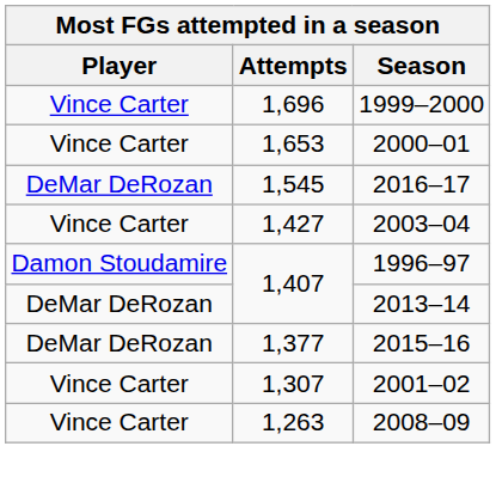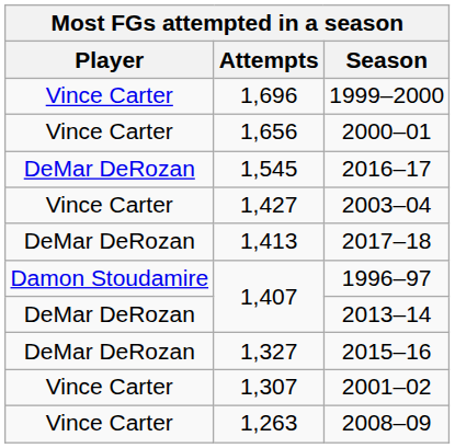 <table class="wikitable" style="text-align:center">
 <tr>
 <th colspan="3">Most FGs attempted in a season</th>
 </tr>
 <tr>
 <th>Player</th>
 <th>Attempts</th>
 <th>Season</th>
 </tr>
 <tr>
 <td><a href='#'>Vince Carter</a></td>
 <td>1,696</td>
 <td>1999–2000</td>
 </tr>
 <tr>
 <td>Vince Carter</td>
-<td>1,653</td>
+<td>1,656</td>
 <td>2000–01</td>
 </tr>
 <tr>
 <td><a href='#'>DeMar DeRozan</a></td>
 <td>1,545</td>
 <td>2016–17</td>
 </tr>
 <tr>
 <td>Vince Carter</td>
 <td>1,427</td>
 <td>2003–04</td>
 </tr>
 <tr>
+<td>DeMar DeRozan</td>
+<td>1,413</td>
+<td>2017–18</td>
+</tr>
+<tr>
 <td><a href='#'>Damon Stoudamire</a></td>
 <td rowspan=2>1,407</td>
 <td>1996–97</td>
 </tr>
 <tr>
 <td>DeMar DeRozan</td>
 <td>2013–14</td>
 </tr>
 <tr>
 <td>DeMar DeRozan</td>
-<td>1,377</td>
+<td>1,327</td>
 <td>2015–16</td>
 </tr>
 <tr>
 <td>Vince Carter</td>
 <td>1,307</td>
 <td>2001–02</td>
 </tr>
 <tr>
 <td>Vince Carter</td>
 <td>1,263</td>
 <td>2008–09</td>
 </tr>
 </table>
